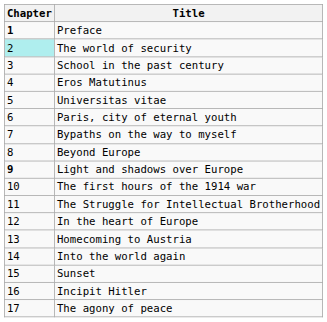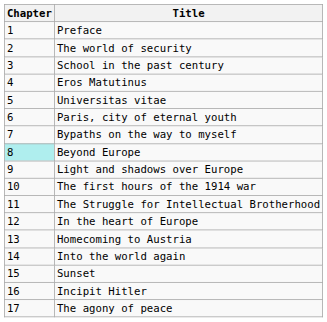 <table class="wikitable">
 <tr>
 <th>Chapter</th>
 <th>Title</th>
 </tr>
 <tr>
-<td><strong>1</strong></td>
+<td>1</td>
 <td>Preface</td>
 </tr>
 <tr>
-<td style="background: paleturquoise;">2</td>
+<td>2</td>
 <td>The world of security</td>
 </tr>
 <tr>
 <td>3</td>
 <td>School in the past century</td>
 </tr>
 <tr>
 <td>4</td>
 <td>Eros Matutinus</td>
 </tr>
 <tr>
 <td>5</td>
 <td>Universitas vitae</td>
 </tr>
 <tr>
 <td>6</td>
 <td>Paris, city of eternal youth</td>
 </tr>
 <tr>
 <td>7</td>
 <td>Bypaths on the way to myself</td>
 </tr>
 <tr>
-<td>8</td>
+<td style="background: paleturquoise;">8</td>
 <td>Beyond Europe</td>
 </tr>
 <tr>
-<td><strong>9</strong></td>
+<td>9</td>
 <td>Light and shadows over Europe</td>
 </tr>
 <tr>
 <td>10</td>
 <td>The first hours of the 1914 war</td>
 </tr>
 <tr>
 <td>11</td>
 <td>The Struggle for Intellectual Brotherhood</td>
 </tr>
 <tr>
 <td>12</td>
 <td>In the heart of Europe</td>
 </tr>
 <tr>
 <td>13</td>
 <td>Homecoming to Austria</td>
 </tr>
 <tr>
 <td>14</td>
 <td>Into the world again</td>
 </tr>
 <tr>
 <td>15</td>
 <td>Sunset</td>
 </tr>
 <tr>
 <td>16</td>
 <td>Incipit Hitler</td>
 </tr>
 <tr>
 <td>17</td>
 <td>The agony of peace</td>
 </tr>
 </table>
